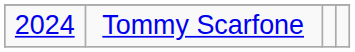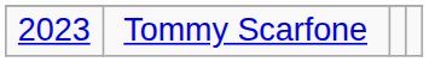 <table class="wikitable sortable" width=33%>
 <tr>
 </tr>
 <tr align=center>
-<td><a href='#'>2024</a></td>
+<td><a href='#'>2023</a></td>
 <td><a href='#'>Tommy Scarfone</a></td>
 <td><a href='#'><strong></strong></a></td>
 <td></td>
 </tr>
 </table>
